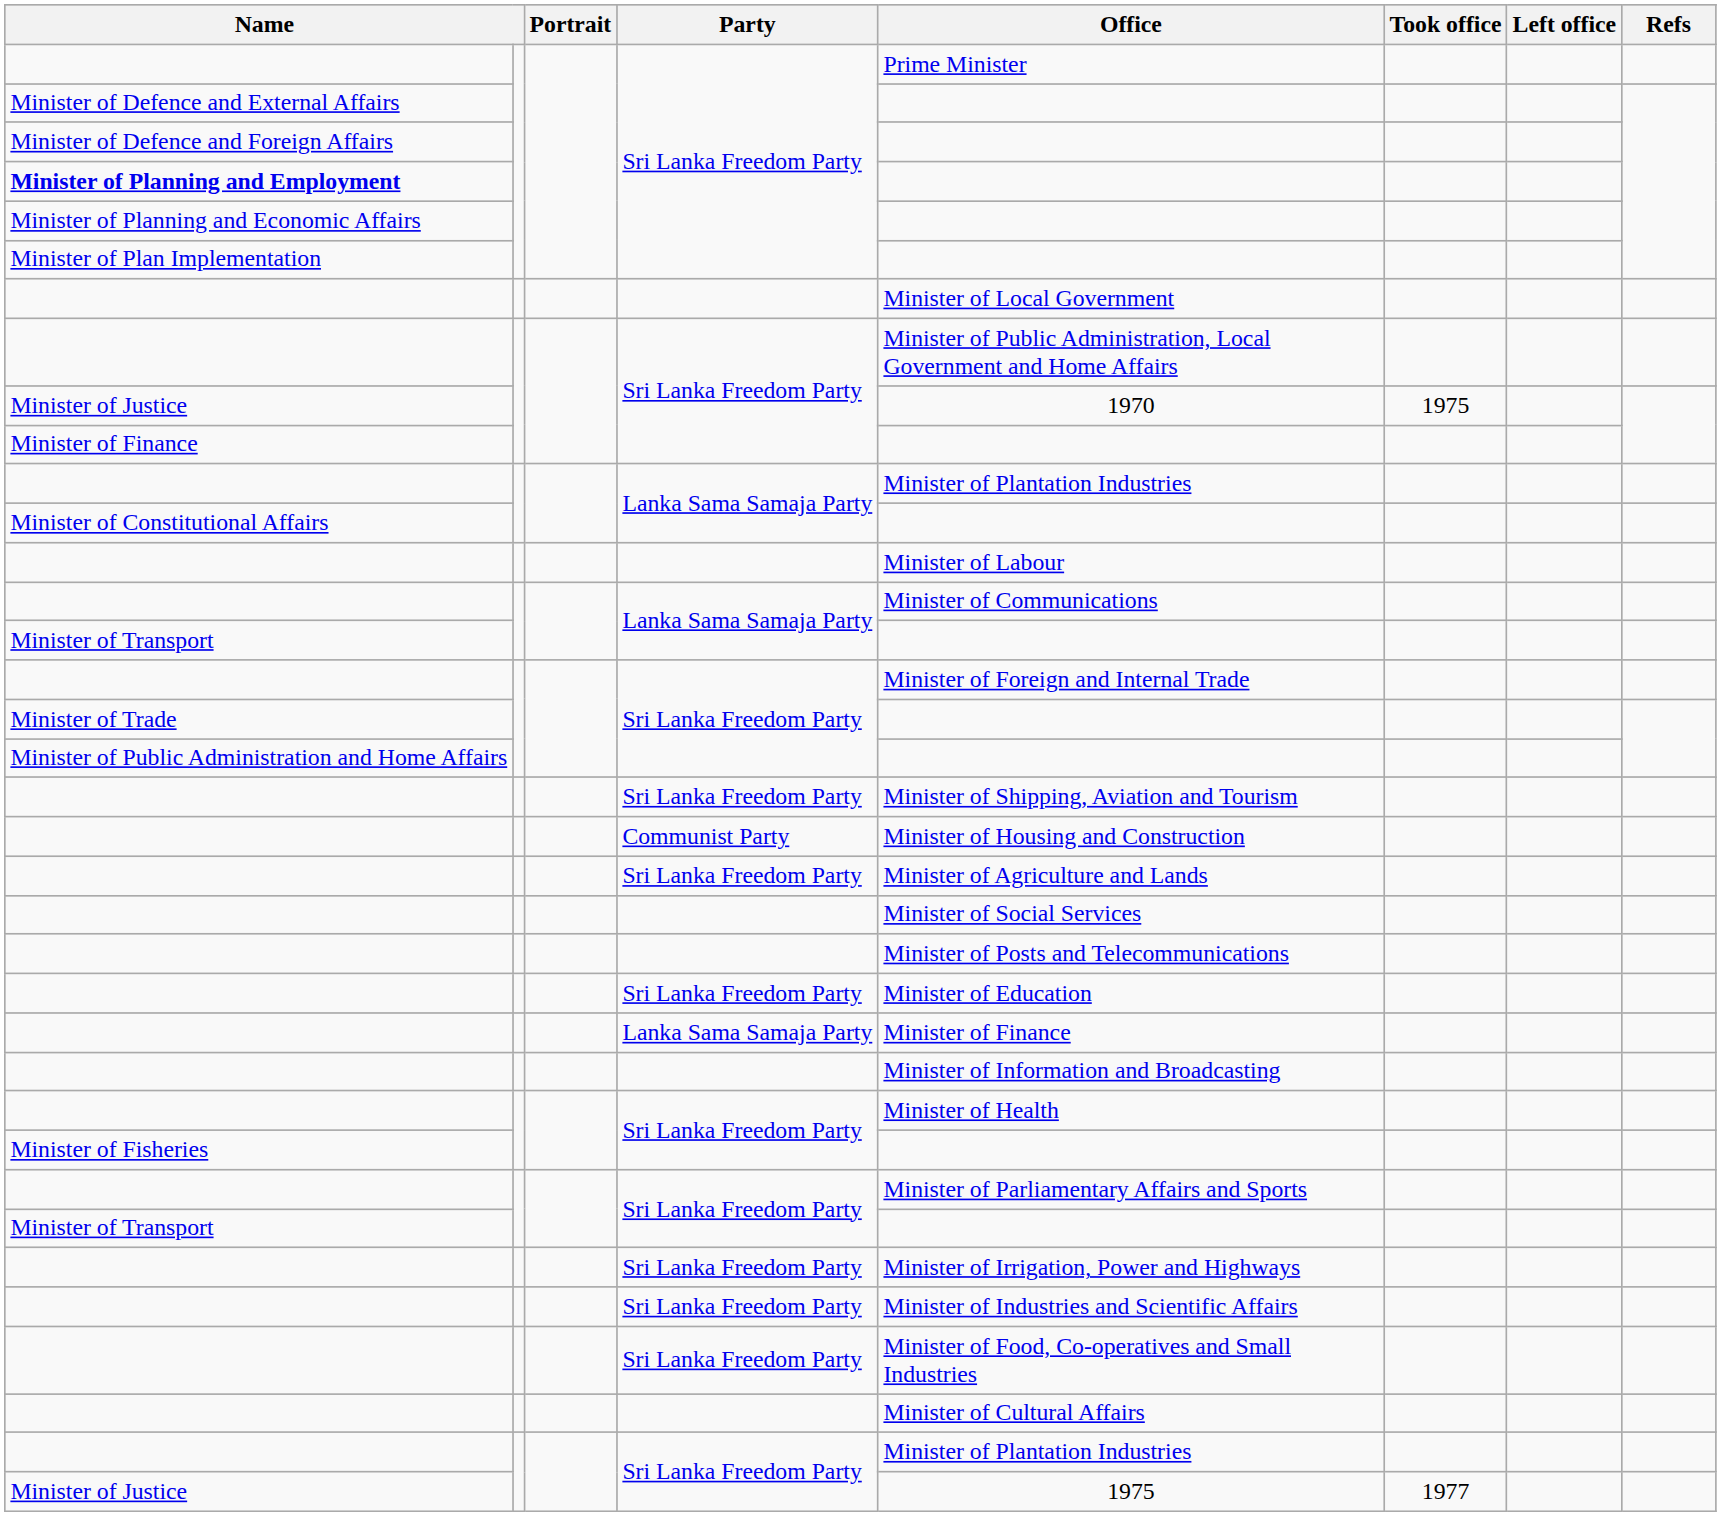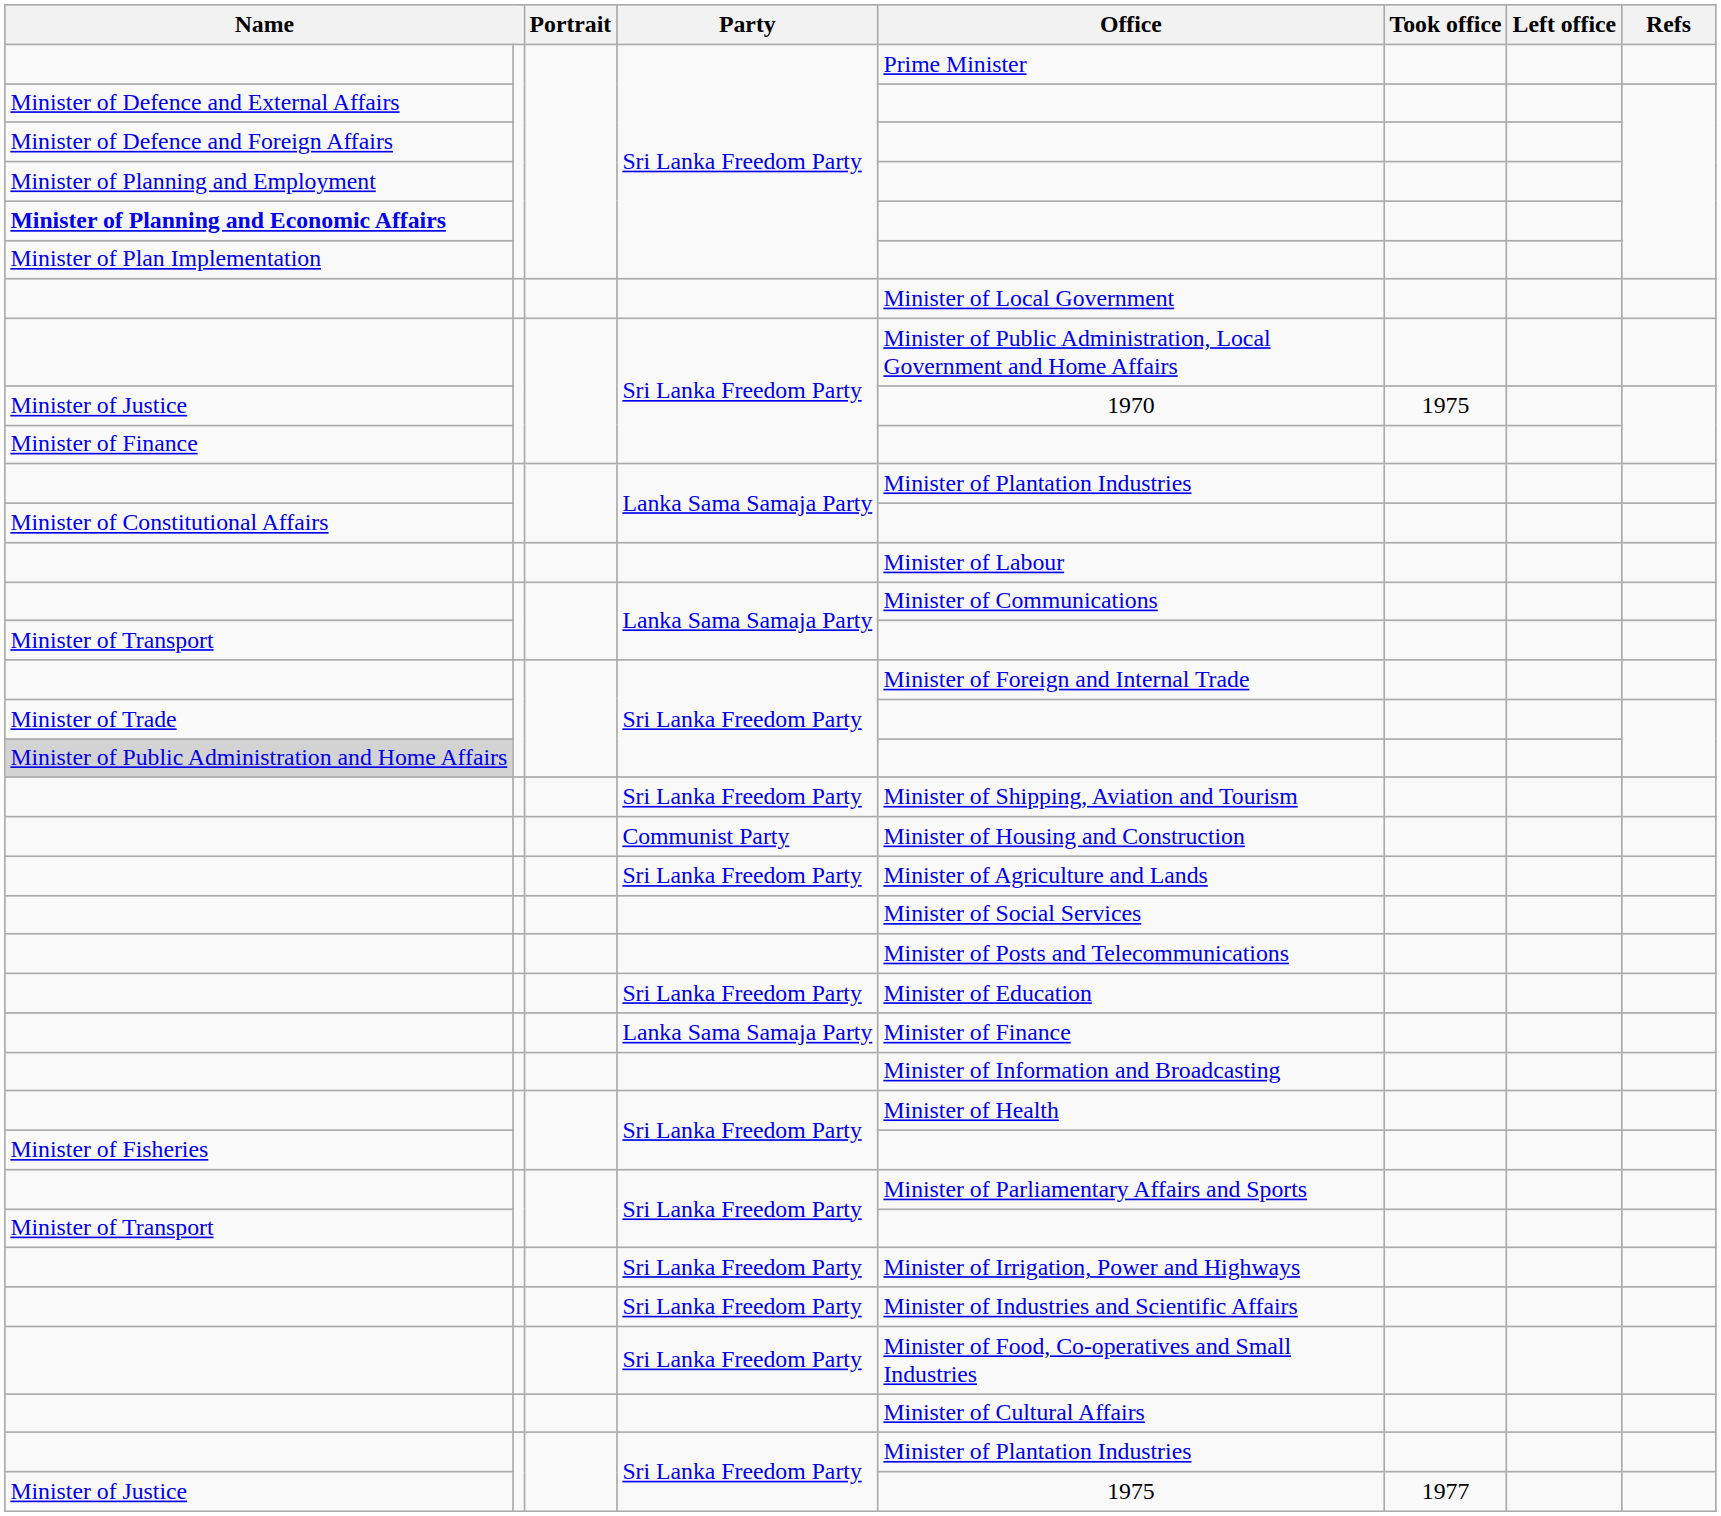 <table class="wikitable plainrowheaders sortable" style="font-size:90%; text-align:left;">
 <tr>
 <th scope=col colspan="2">Name</th>
 <th scope=col class=unsortable>Portrait</th>
 <th scope=col>Party</th>
 <th scope=col width=300px>Office</th>
 <th scope=col>Took office</th>
 <th scope=col>Left office</th>
 <th scope=col width=50px class=unsortable>Refs</th>
 </tr>
 <tr>
 <td !align="center" style="background:"></td>
 <td rowspan=6></td>
 <td align=center rowspan=6></td>
 <td rowspan=6><a href='#'>Sri Lanka Freedom Party</a></td>
 <td><a href='#'>Prime Minister</a></td>
 <td align=center></td>
 <td align=center></td>
 <td align=center></td>
 </tr>
 <tr>
 <td><a href='#'>Minister of Defence and External Affairs</a></td>
 <td align=center></td>
 <td align=center></td>
 <td align=center></td>
 </tr>
 <tr>
 <td><a href='#'>Minister of Defence and Foreign Affairs</a></td>
 <td align=center></td>
 <td align=center></td>
 <td align=center></td>
 </tr>
 <tr>
-<td><strong><a href='#'>Minister of Planning and Employment</a></strong></td>
+<td><a href='#'>Minister of Planning and Employment</a></td>
 <td align=center></td>
 <td align=center></td>
 <td align=center></td>
 </tr>
 <tr>
-<td><a href='#'>Minister of Planning and Economic Affairs</a></td>
+<td><strong><a href='#'>Minister of Planning and Economic Affairs</a></strong></td>
 <td align=center></td>
 <td align=center></td>
 <td align=center></td>
 </tr>
 <tr>
 <td><a href='#'>Minister of Plan Implementation</a></td>
 <td align=center></td>
 <td align=center></td>
 <td align=center></td>
 </tr>
 <tr>
 <td></td>
 <td></td>
 <td align=center></td>
 <td></td>
 <td><a href='#'>Minister of Local Government</a></td>
 <td align=center></td>
 <td align=center></td>
 <td align=center></td>
 </tr>
 <tr>
 <td !align="center" style="background:"></td>
 <td rowspan=3></td>
 <td align=center rowspan=3></td>
 <td rowspan=3><a href='#'>Sri Lanka Freedom Party</a></td>
 <td><a href='#'>Minister of Public Administration, Local Government and Home Affairs</a></td>
 <td align=center></td>
 <td align=center></td>
 <td align=center></td>
 </tr>
 <tr>
 <td><a href='#'>Minister of Justice</a></td>
 <td align=center>1970</td>
 <td align=center>1975</td>
 <td align=center></td>
 </tr>
 <tr>
 <td><a href='#'>Minister of Finance</a></td>
 <td align=center></td>
 <td align=center></td>
 <td align=center></td>
 </tr>
 <tr>
 <td !align="center" style="background:"></td>
 <td rowspan=2></td>
 <td align=center rowspan=2></td>
 <td rowspan="2"><a href='#'>Lanka Sama Samaja Party</a></td>
 <td><a href='#'>Minister of Plantation Industries</a></td>
 <td align=center></td>
 <td align=center></td>
 <td align=center></td>
 </tr>
 <tr>
 <td><a href='#'>Minister of Constitutional Affairs</a></td>
 <td align=center></td>
 <td align=center></td>
 <td align=center></td>
 </tr>
 <tr>
 <td></td>
 <td></td>
 <td align=center></td>
 <td></td>
 <td><a href='#'>Minister of Labour</a></td>
 <td align=center></td>
 <td align=center></td>
 <td align=center></td>
 </tr>
 <tr>
 <td !align="center" style="background:"></td>
 <td rowspan=2></td>
 <td align=center rowspan=2></td>
 <td rowspan="2"><a href='#'>Lanka Sama Samaja Party</a></td>
 <td><a href='#'>Minister of Communications</a></td>
 <td align=center></td>
 <td align=center></td>
 <td align=center></td>
 </tr>
 <tr>
 <td><a href='#'>Minister of Transport</a></td>
 <td></td>
 <td align=center></td>
 <td align=center></td>
 </tr>
 <tr>
 <td !align="center" style="background:"></td>
 <td rowspan=3></td>
 <td align=center rowspan=3></td>
 <td rowspan=3><a href='#'>Sri Lanka Freedom Party</a></td>
 <td><a href='#'>Minister of Foreign and Internal Trade</a></td>
 <td align=center></td>
 <td align=center></td>
 <td align=center></td>
 </tr>
 <tr>
 <td><a href='#'>Minister of Trade</a></td>
 <td align=center></td>
 <td align=center></td>
 <td align=center></td>
 </tr>
 <tr>
-<td><a href='#'>Minister of Public Administration and Home Affairs</a></td>
+<td style="background: lightgrey;"><a href='#'>Minister of Public Administration and Home Affairs</a></td>
 <td align=center></td>
 <td align=center></td>
 <td align=center></td>
 </tr>
 <tr>
 <td !align="center" style="background:"></td>
 <td></td>
 <td align=center></td>
 <td><a href='#'>Sri Lanka Freedom Party</a></td>
 <td><a href='#'>Minister of Shipping, Aviation and Tourism</a></td>
 <td align=center></td>
 <td align=center></td>
 <td align=center></td>
 </tr>
 <tr>
 <td !align="center" style="background:"></td>
 <td></td>
 <td align=center></td>
 <td><a href='#'>Communist Party</a></td>
 <td><a href='#'>Minister of Housing and Construction</a></td>
 <td align=center></td>
 <td align=center></td>
 <td align=center></td>
 </tr>
 <tr>
 <td !align="center" style="background:"></td>
 <td></td>
 <td align=center></td>
 <td><a href='#'>Sri Lanka Freedom Party</a></td>
 <td><a href='#'>Minister of Agriculture and Lands</a></td>
 <td align=center></td>
 <td align=center></td>
 <td align=center></td>
 </tr>
 <tr>
 <td></td>
 <td></td>
 <td align=center></td>
 <td></td>
 <td><a href='#'>Minister of Social Services</a></td>
 <td align=center></td>
 <td align=center></td>
 <td align=center></td>
 </tr>
 <tr>
 <td></td>
 <td></td>
 <td align=center></td>
 <td></td>
 <td><a href='#'>Minister of Posts and Telecommunications</a></td>
 <td align=center></td>
 <td align=center></td>
 <td align=center></td>
 </tr>
 <tr>
 <td !align="center" style="background:"></td>
 <td></td>
 <td align=center></td>
 <td><a href='#'>Sri Lanka Freedom Party</a></td>
 <td><a href='#'>Minister of Education</a></td>
 <td align=center></td>
 <td align=center></td>
 <td align=center></td>
 </tr>
 <tr>
 <td !align="center" style="background:"></td>
 <td></td>
 <td align=center></td>
 <td><a href='#'>Lanka Sama Samaja Party</a></td>
 <td><a href='#'>Minister of Finance</a></td>
 <td align=center></td>
 <td align=center></td>
 <td align=center></td>
 </tr>
 <tr>
 <td></td>
 <td></td>
 <td align=center></td>
 <td></td>
 <td><a href='#'>Minister of Information and Broadcasting</a></td>
 <td align=center></td>
 <td align=center></td>
 <td align=center></td>
 </tr>
 <tr>
 <td !align="center" style="background:"></td>
 <td rowspan=2></td>
 <td align=center rowspan=2></td>
 <td rowspan=2><a href='#'>Sri Lanka Freedom Party</a></td>
 <td><a href='#'>Minister of Health</a></td>
 <td align=center></td>
 <td align=center></td>
 <td align=center></td>
 </tr>
 <tr>
 <td><a href='#'>Minister of Fisheries</a></td>
 <td align=center></td>
 <td align=center></td>
 <td align=center></td>
 </tr>
 <tr>
 <td !align="center" style="background:"></td>
 <td rowspan=2></td>
 <td align=center rowspan=2></td>
 <td rowspan=2><a href='#'>Sri Lanka Freedom Party</a></td>
 <td><a href='#'>Minister of Parliamentary Affairs and Sports</a></td>
 <td align=center></td>
 <td align=center></td>
 <td align=center></td>
 </tr>
 <tr>
 <td><a href='#'>Minister of Transport</a></td>
 <td align=center></td>
 <td align=center></td>
 <td align=center></td>
 </tr>
 <tr>
 <td !align="center" style="background:"></td>
 <td></td>
 <td align=center></td>
 <td><a href='#'>Sri Lanka Freedom Party</a></td>
 <td><a href='#'>Minister of Irrigation, Power and Highways</a></td>
 <td align=center></td>
 <td align=center></td>
 <td align=center></td>
 </tr>
 <tr>
 <td !align="center" style="background:"></td>
 <td></td>
 <td align=center></td>
 <td><a href='#'>Sri Lanka Freedom Party</a></td>
 <td><a href='#'>Minister of Industries and Scientific Affairs</a></td>
 <td align=center></td>
 <td align=center></td>
 <td align=center></td>
 </tr>
 <tr>
 <td !align="center" style="background:"></td>
 <td></td>
 <td align=center></td>
 <td><a href='#'>Sri Lanka Freedom Party</a></td>
 <td><a href='#'>Minister of Food, Co-operatives and Small Industries</a></td>
 <td align=center></td>
 <td align=center></td>
 <td align=center></td>
 </tr>
 <tr>
 <td></td>
 <td></td>
 <td align=center></td>
 <td></td>
 <td><a href='#'>Minister of Cultural Affairs</a></td>
 <td align=center></td>
 <td align=center></td>
 <td align=center></td>
 </tr>
 <tr>
 <td !align="center" style="background:"></td>
 <td rowspan=2></td>
 <td align=center rowspan=2></td>
 <td rowspan=2><a href='#'>Sri Lanka Freedom Party</a></td>
 <td><a href='#'>Minister of Plantation Industries</a></td>
 <td align=center></td>
 <td align=center></td>
 <td align=center></td>
 </tr>
 <tr>
 <td><a href='#'>Minister of Justice</a></td>
 <td align=center>1975</td>
 <td align=center>1977</td>
 <td align=center></td>
 </tr>
 </table>
